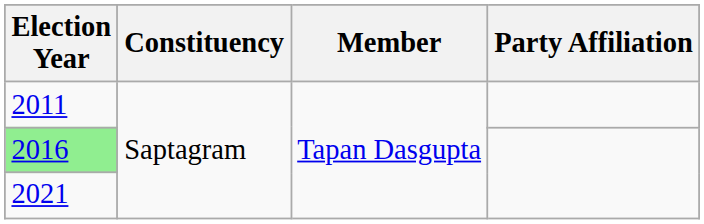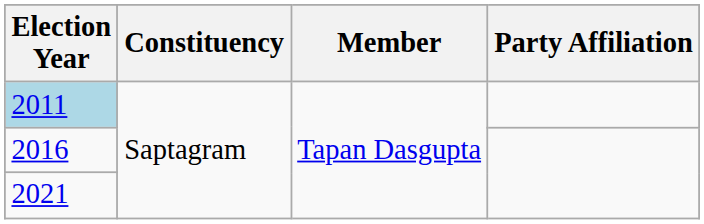 <table class="wikitable sortable"ìÍĦĤĠčw>
 <tr>
 <th>Election<br> Year</th>
 <th>Constituency</th>
 <th>Member</th>
 <th colspan=2>Party Affiliation</th>
 </tr>
 <tr>
-<td><a href='#'>2011</a></td>
+<td style="background: lightblue;"><a href='#'>2011</a></td>
 <td rowspan=3>Saptagram</td>
 <td rowspan=3><a href='#'>Tapan Dasgupta</a></td>
 <td></td>
 </tr>
 <tr>
-<td style="background: lightgreen;"><a href='#'>2016</a></td>
+<td><a href='#'>2016</a></td>
 </tr>
 <tr>
 <td><a href='#'>2021</a></td>
 </tr>
 </table>
